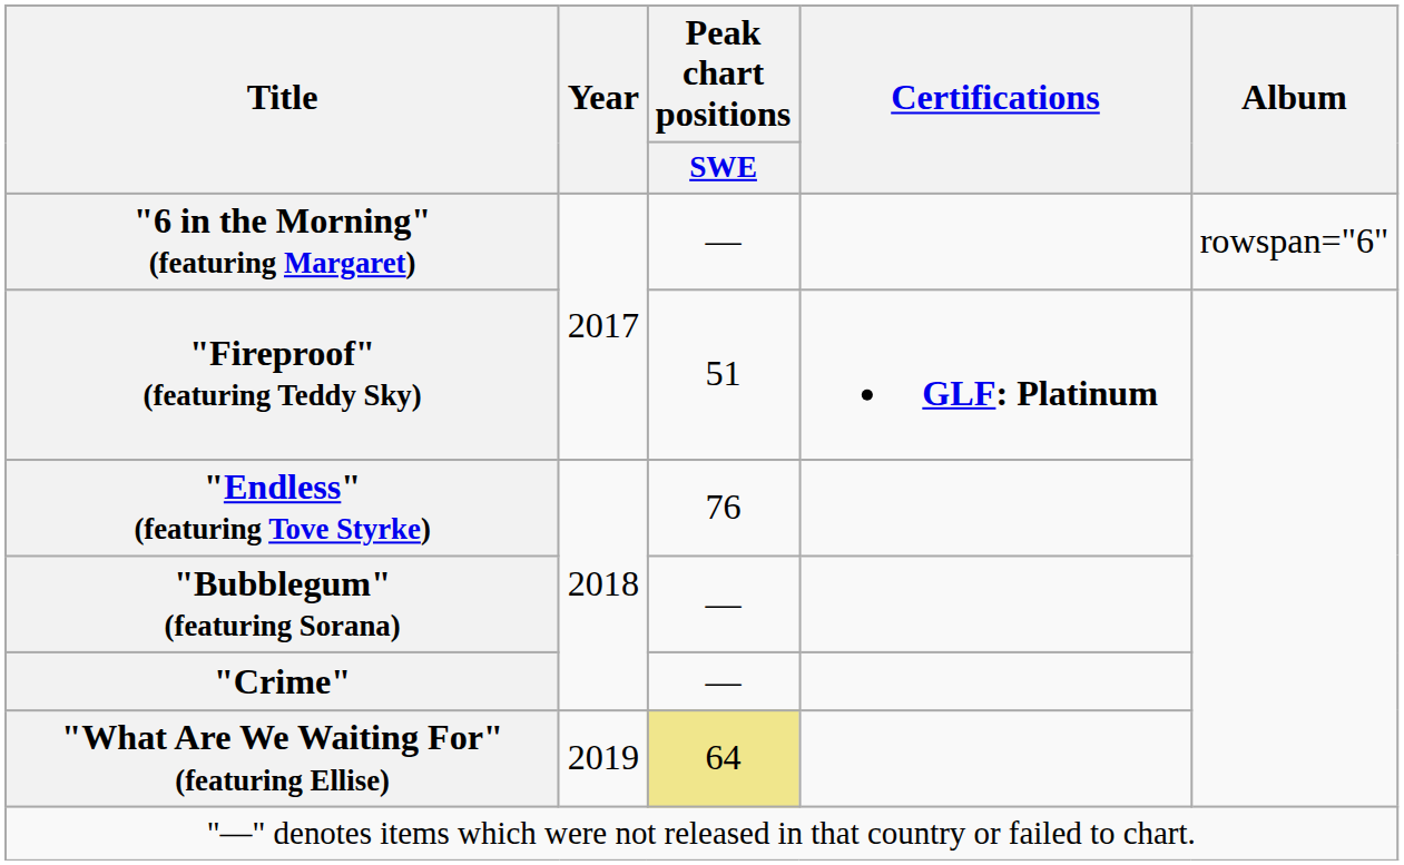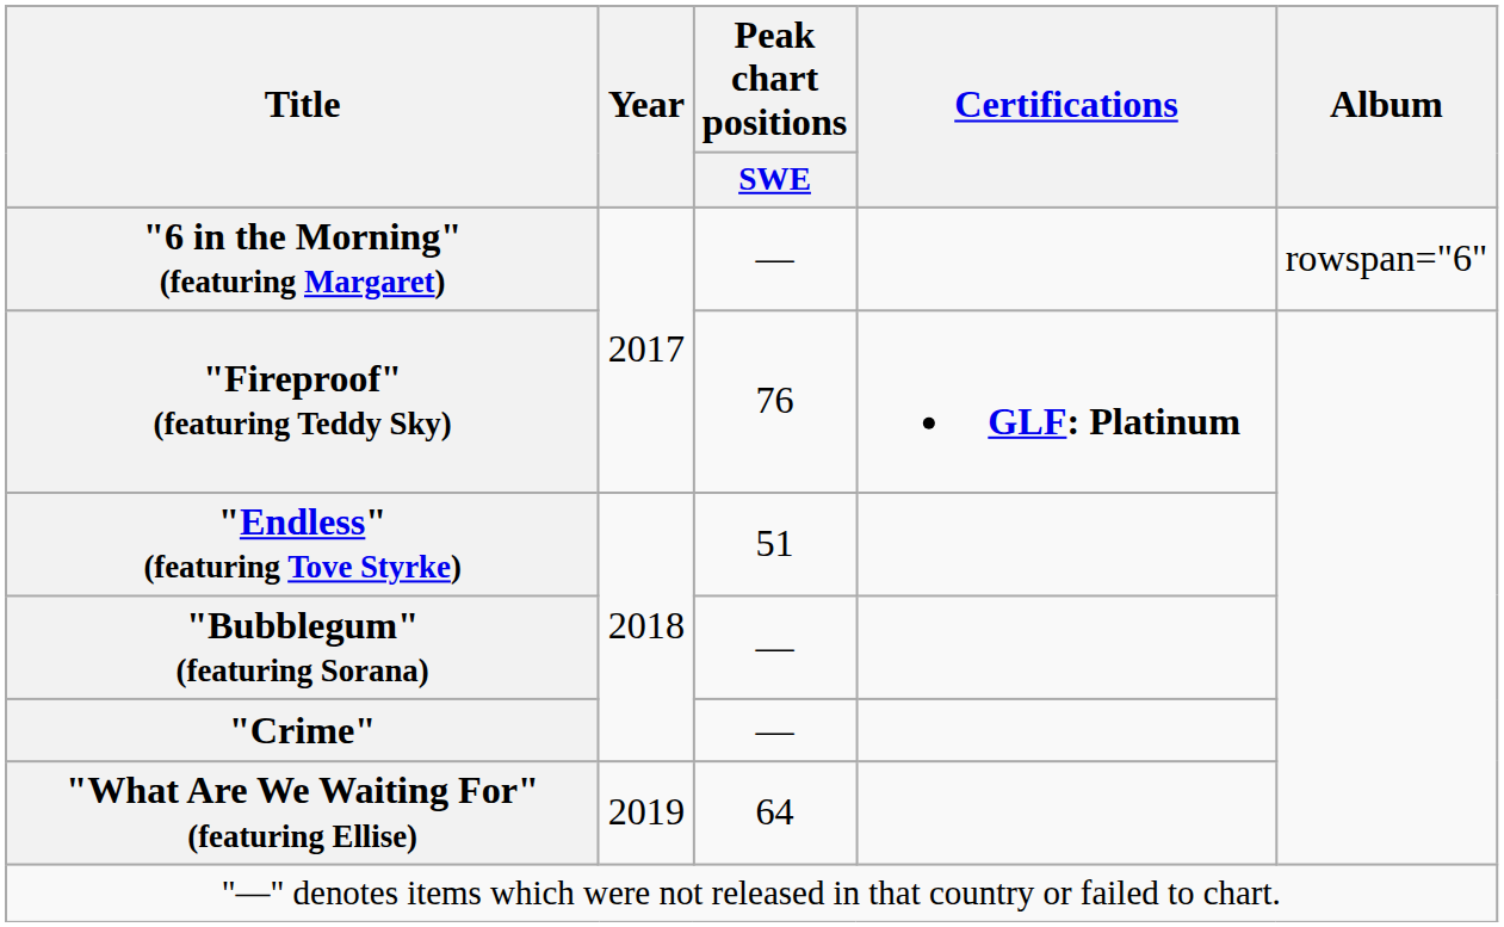 <table class="wikitable plainrowheaders" style="text-align:center;">
 <tr>
 <th scope="col" rowspan="2" style="width:15em;">Title</th>
 <th scope="col" rowspan="2" style="width:1em;">Year</th>
 <th scope="col" colspan="1">Peak chart positions</th>
 <th scope="col" rowspan="2" style="width:10.5em;"><a href='#'>Certifications</a></th>
 <th scope="col" rowspan="2">Album</th>
 </tr>
 <tr>
 <th style="width:3em;font-size:85%;"><a href='#'>SWE</a><br></th>
 </tr>
 <tr>
 <th scope="row">"6 in the Morning"<br><small>(featuring <a href='#'>Margaret</a>)</small></th>
 <td rowspan="2">2017</td>
 <td>—</td>
 <td></td>
 <td>rowspan="6" </td>
 </tr>
 <tr>
 <th scope="row">"Fireproof"<br><small>(featuring Teddy Sky)</small></th>
-<td>51</td>
+<td>76</td>
 <td><strong><br><ul><li><a href='#'>GLF</a>: Platinum</li></ul></strong></td>
 </tr>
 <tr>
 <th scope="row">"<a href='#'>Endless</a>"<br><small>(featuring <a href='#'>Tove Styrke</a>)</small></th>
 <td rowspan="3">2018</td>
-<td>76</td>
+<td>51</td>
 <td></td>
 </tr>
 <tr>
 <th scope="row">"Bubblegum"<br><small>(featuring Sorana)</small></th>
 <td>—</td>
 <td></td>
 </tr>
 <tr>
 <th scope="row">"Crime"</th>
 <td>—</td>
 <td></td>
 </tr>
 <tr>
 <th scope="row">"What Are We Waiting For"<br><small>(featuring Ellise)</small></th>
 <td>2019</td>
-<td style="background: khaki;">64</td>
+<td>64</td>
 <td></td>
 </tr>
 <tr>
 <td colspan="5" style="font-size:90%;">"—" denotes items which were not released in that country or failed to chart.</td>
 </tr>
 </table>
